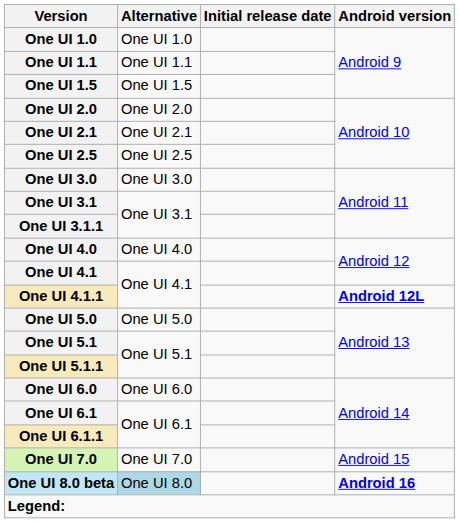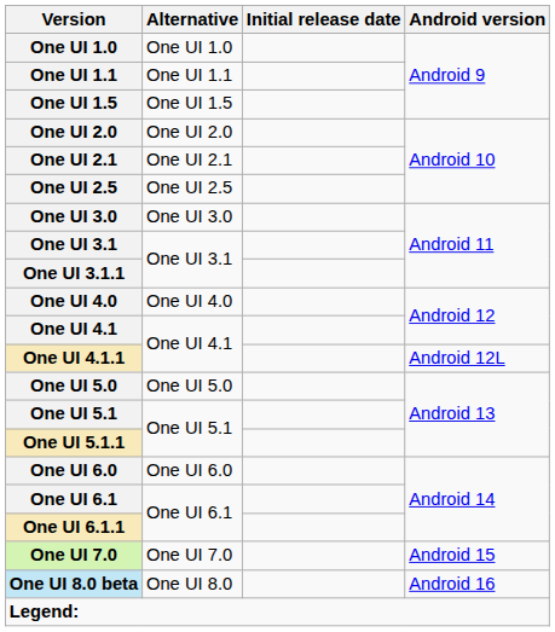 <table class="wikitable">
 <tr>
 <th scope="col">Version</th>
 <th scope="col">Alternative</th>
 <th scope="col">Initial release date</th>
 <th scope="col">Android version</th>
 </tr>
 <tr>
 <th scope="row">One UI 1.0</th>
 <td>One UI 1.0</td>
 <td></td>
 <td rowspan="3"><a href='#'>Android 9</a></td>
 </tr>
 <tr>
 <th scope="row">One UI 1.1</th>
 <td>One UI 1.1</td>
 <td></td>
 </tr>
 <tr>
 <th scope="row">One UI 1.5</th>
 <td>One UI 1.5</td>
 <td></td>
 </tr>
 <tr>
 <th scope="row">One UI 2.0</th>
 <td>One UI 2.0</td>
 <td></td>
 <td rowspan="3"><a href='#'>Android 10</a></td>
 </tr>
 <tr>
 <th scope="row">One UI 2.1</th>
 <td>One UI 2.1</td>
 <td></td>
 </tr>
 <tr>
 <th scope="row">One UI 2.5</th>
 <td>One UI 2.5</td>
 <td></td>
 </tr>
 <tr>
 <th scope="row">One UI 3.0</th>
 <td>One UI 3.0</td>
 <td></td>
 <td rowspan="3"><a href='#'>Android 11</a></td>
 </tr>
 <tr>
 <th scope="row">One UI 3.1</th>
 <td rowspan="2">One UI 3.1</td>
 <td></td>
 </tr>
 <tr>
 <th scope="row">One UI 3.1.1</th>
 <td></td>
 </tr>
 <tr>
 <th scope="row">One UI 4.0</th>
 <td>One UI 4.0</td>
 <td></td>
 <td rowspan="2"><a href='#'>Android 12</a></td>
 </tr>
 <tr>
 <th scope="row">One UI 4.1</th>
 <td rowspan="2">One UI 4.1</td>
 <td></td>
 </tr>
 <tr>
 <th scope="row" style="background:#f8eaba">One UI 4.1.1</th>
 <td></td>
-<td><strong><a href='#'>Android 12L</a></strong></td>
+<td><a href='#'>Android 12L</a></td>
 </tr>
 <tr>
 <th scope="row">One UI 5.0</th>
 <td>One UI 5.0</td>
 <td></td>
 <td rowspan="3"><a href='#'>Android 13</a></td>
 </tr>
 <tr>
 <th scope="row">One UI 5.1</th>
 <td rowspan="2">One UI 5.1</td>
 <td></td>
 </tr>
 <tr>
 <th scope="row" style="background:#f8eaba">One UI 5.1.1</th>
 <td></td>
 </tr>
 <tr>
 <th scope="row">One UI 6.0</th>
 <td>One UI 6.0</td>
 <td></td>
 <td rowspan="3"><a href='#'>Android 14</a></td>
 </tr>
 <tr>
 <th scope="row">One UI 6.1</th>
 <td rowspan="2">One UI 6.1</td>
 <td></td>
 </tr>
 <tr>
 <th scope="row" style="background:#f8eaba">One UI 6.1.1</th>
 <td></td>
 </tr>
 <tr>
 <th scope="row" style="background:#d4f4b4">One UI 7.0</th>
 <td>One UI 7.0</td>
 <td></td>
 <td><a href='#'>Android 15</a></td>
 </tr>
 <tr>
 <th scope="row" style="background:#c1e6f5">One UI 8.0 beta</th>
-<td style="background: lightblue;">One UI 8.0</td>
+<td>One UI 8.0</td>
 <td></td>
-<td><strong><a href='#'>Android 16</a></strong></td>
+<td><a href='#'>Android 16</a></td>
 </tr>
 <tr>
 <td colspan="4"><strong>Legend:</strong>    </td>
 </tr>
 </table>
